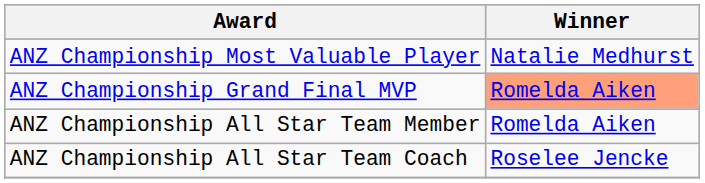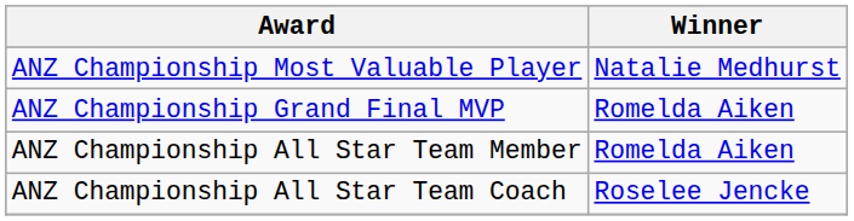 <table class="wikitable collapsible">
 <tr>
 <th>Award</th>
 <th>Winner</th>
 </tr>
 <tr>
 <td><a href='#'>ANZ Championship Most Valuable Player</a> <em></em> </td>
 <td><a href='#'>Natalie Medhurst</a></td>
 </tr>
 <tr>
 <td><a href='#'>ANZ Championship Grand Final MVP</a></td>
-<td style="background: lightsalmon;"><a href='#'>Romelda Aiken</a></td>
+<td><a href='#'>Romelda Aiken</a></td>
 </tr>
 <tr>
 <td>ANZ Championship All Star Team Member</td>
 <td><a href='#'>Romelda Aiken</a></td>
 </tr>
 <tr>
 <td>ANZ Championship All Star Team Coach</td>
 <td><a href='#'>Roselee Jencke</a></td>
 </tr>
 <tr>
 </tr>
 </table>
